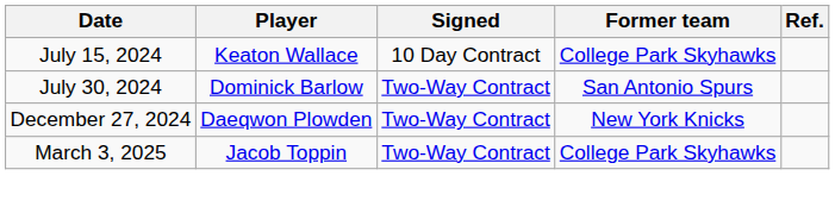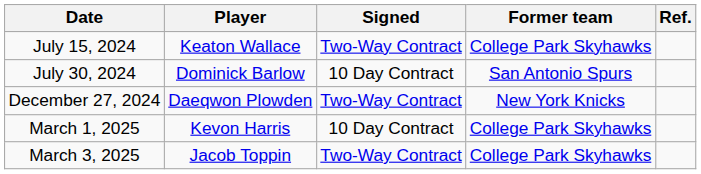 <table class="wikitable sortable sortable" style="text-align: center">
 <tr>
 <th>Date</th>
 <th>Player</th>
 <th>Signed</th>
 <th>Former team</th>
 <th>Ref.</th>
 </tr>
 <tr>
 <td>July 15, 2024</td>
 <td><a href='#'>Keaton Wallace</a></td>
-<td>10 Day Contract</td>
+<td><a href='#'>Two-Way Contract</a></td>
 <td><a href='#'>College Park Skyhawks</a></td>
 <td></td>
 </tr>
 <tr>
 <td>July 30, 2024</td>
 <td><a href='#'>Dominick Barlow</a></td>
-<td><a href='#'>Two-Way Contract</a></td>
+<td>10 Day Contract</td>
 <td><a href='#'>San Antonio Spurs</a></td>
 <td></td>
 </tr>
 <tr>
 <td>December 27, 2024</td>
 <td><a href='#'>Daeqwon Plowden</a></td>
 <td><a href='#'>Two-Way Contract</a></td>
 <td><a href='#'>New York Knicks</a></td>
 <td></td>
 </tr>
 <tr>
+<td>March 1, 2025</td>
+<td><a href='#'>Kevon Harris</a></td>
+<td>10 Day Contract</td>
+<td><a href='#'>College Park Skyhawks</a></td>
+<td></td>
+</tr>
+<tr>
 <td>March 3, 2025</td>
 <td><a href='#'>Jacob Toppin</a></td>
 <td><a href='#'>Two-Way Contract</a></td>
 <td><a href='#'>College Park Skyhawks</a></td>
 <td></td>
 </tr>
 </table>
